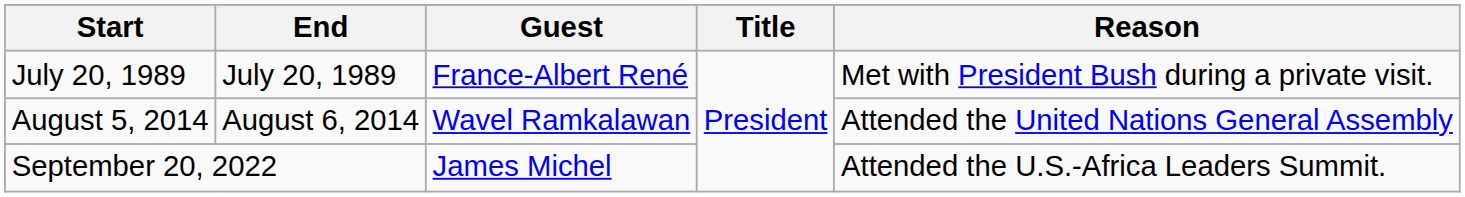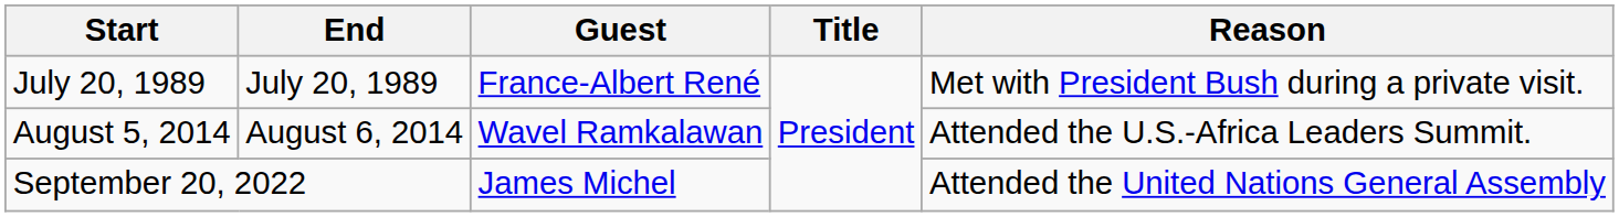 <table class="wikitable sortable">
 <tr>
 <th>Start</th>
 <th>End</th>
 <th>Guest</th>
 <th>Title</th>
 <th>Reason</th>
 </tr>
 <tr>
 <td>July 20, 1989</td>
 <td>July 20, 1989</td>
 <td><a href='#'>France-Albert René</a></td>
 <td rowspan="3"><a href='#'>President</a></td>
 <td>Met with <a href='#'>President Bush</a> during a private visit.</td>
 </tr>
 <tr>
 <td>August 5, 2014</td>
 <td>August 6, 2014</td>
 <td><a href='#'>Wavel Ramkalawan</a></td>
-<td>Attended the <a href='#'>United Nations General Assembly</a></td>
+<td>Attended the U.S.-Africa Leaders Summit.</td>
 </tr>
 <tr>
 <td colspan="2"><div>September 20, 2022</div></td>
 <td><a href='#'>James Michel</a></td>
-<td>Attended the U.S.-Africa Leaders Summit.</td>
+<td>Attended the <a href='#'>United Nations General Assembly</a></td>
 </tr>
 </table>
